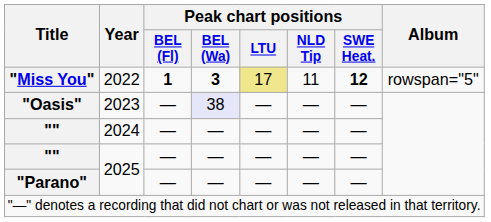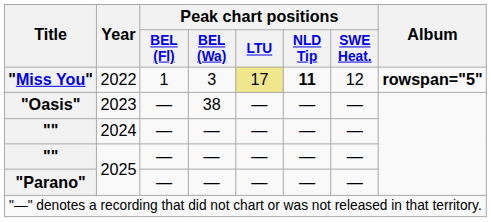 <table class="wikitable plainrowheaders" style="text-align:center;">
 <tr>
 <th scope="col" rowspan="2">Title</th>
 <th scope="col" rowspan="2">Year</th>
 <th scope="col" colspan="5">Peak chart positions</th>
 <th scope="col" rowspan="2">Album</th>
 </tr>
 <tr>
 <th scope="col" style="width:3em;font-size:85%;"><a href='#'>BEL<br>(Fl)</a><br></th>
 <th scope="col" style="width:3em;font-size:85%;"><a href='#'>BEL<br>(Wa)</a><br></th>
 <th scope="col" style="width:3em;font-size:85%;"><a href='#'>LTU</a><br></th>
 <th scope="col" style="width:3em;font-size:85%;"><a href='#'>NLD<br>Tip</a><br></th>
 <th scope="col" style="width:3em;font-size:85%;"><a href='#'>SWE<br>Heat.</a><br></th>
 </tr>
 <tr>
 <th scope="row">"<a href='#'>Miss You</a>"</th>
 <td>2022</td>
-<td><strong>1</strong></td>
-<td><strong>3</strong></td>
+<td>1</td>
+<td>3</td>
 <td style="background: khaki;">17</td>
-<td>11</td>
-<td><strong>12</strong></td>
-<td>rowspan="5" </td>
+<td><strong>11</strong></td>
+<td>12</td>
+<td><strong>rowspan="5" </strong></td>
 </tr>
 <tr>
 <th scope="row">"Oasis"</th>
 <td>2023</td>
 <td>—</td>
-<td style="background: lavender;">38</td>
+<td>38</td>
 <td>—</td>
 <td>—</td>
 <td>—</td>
 </tr>
 <tr>
 <th scope="row">""</th>
 <td>2024</td>
 <td>—</td>
 <td>—</td>
 <td>—</td>
 <td>—</td>
 <td>—</td>
 </tr>
 <tr>
 <th scope="row">""<br></th>
 <td rowspan="2">2025</td>
 <td>—</td>
 <td>—</td>
 <td>—</td>
 <td>—</td>
 <td>—</td>
 </tr>
 <tr>
 <th scope="row">"Parano"</th>
 <td>—</td>
 <td>—</td>
 <td>—</td>
 <td>—</td>
 <td>—</td>
 </tr>
 <tr>
 <td colspan="8" style="font-size:85%">"—" denotes a recording that did not chart or was not released in that territory.</td>
 </tr>
 </table>
